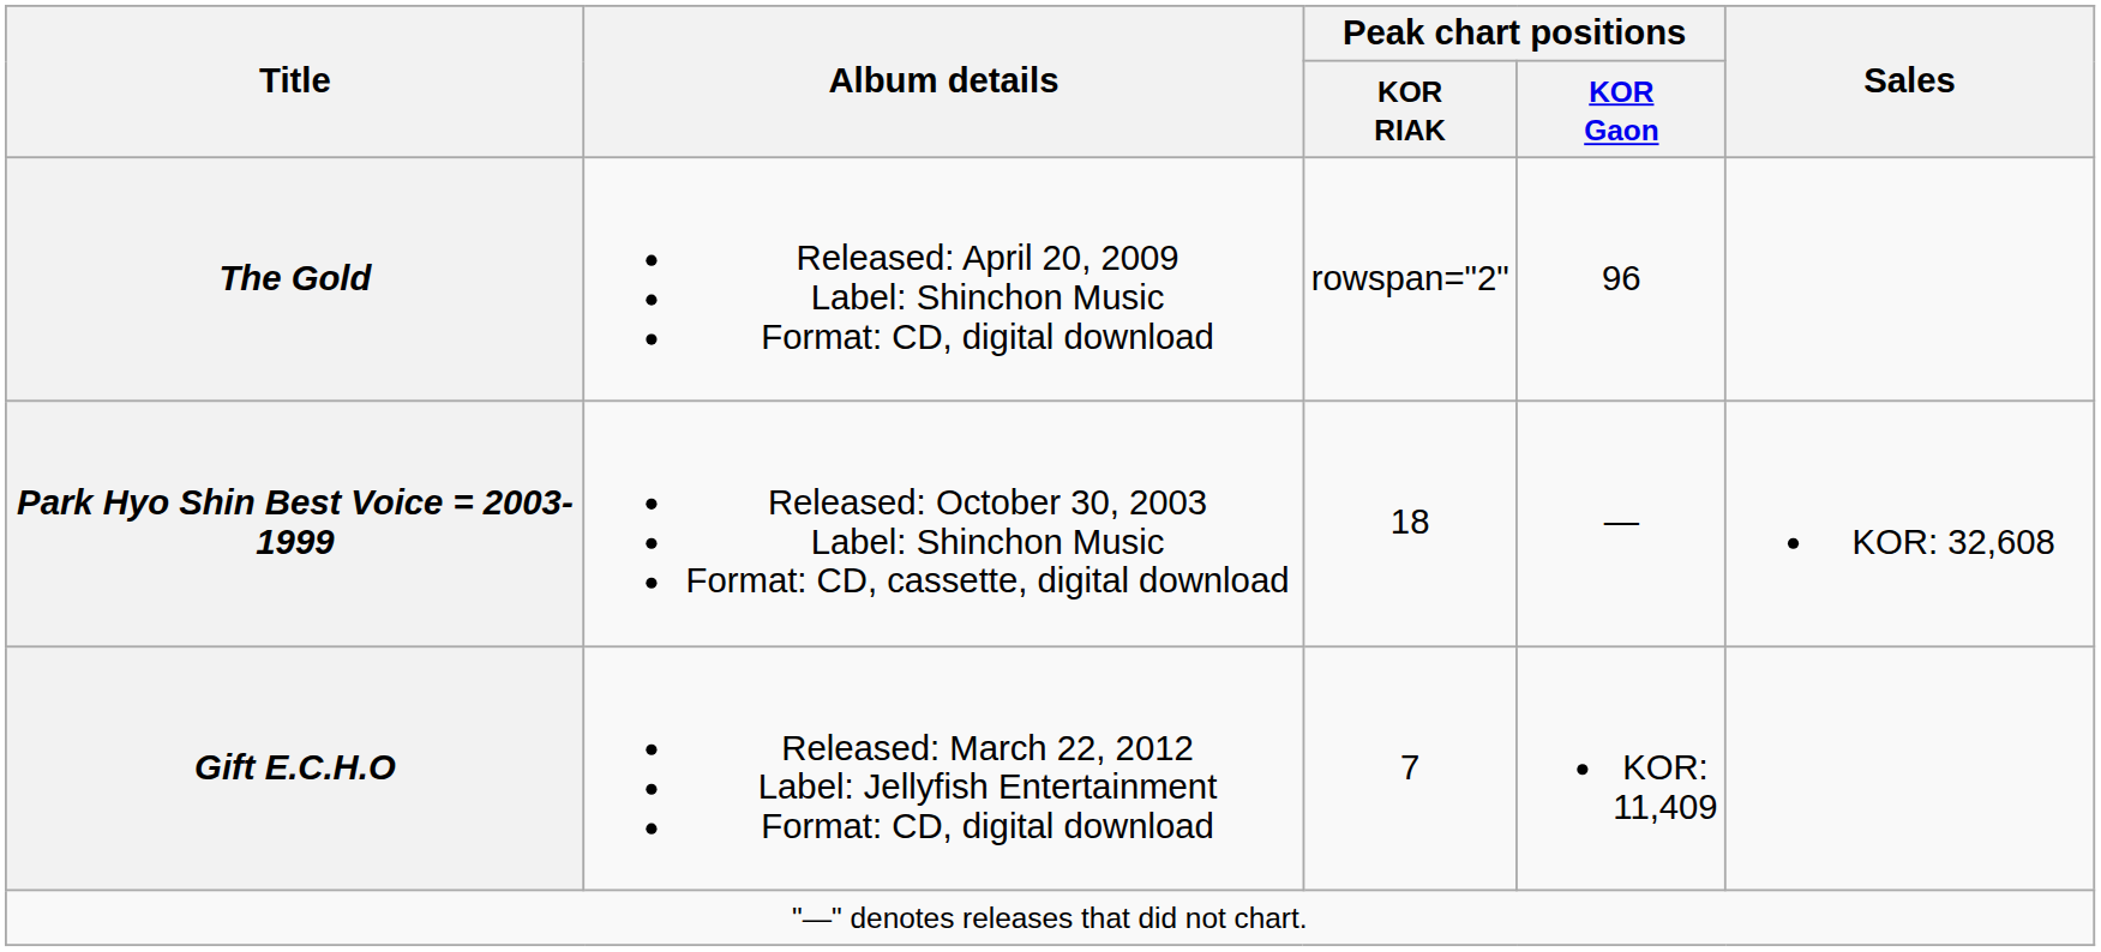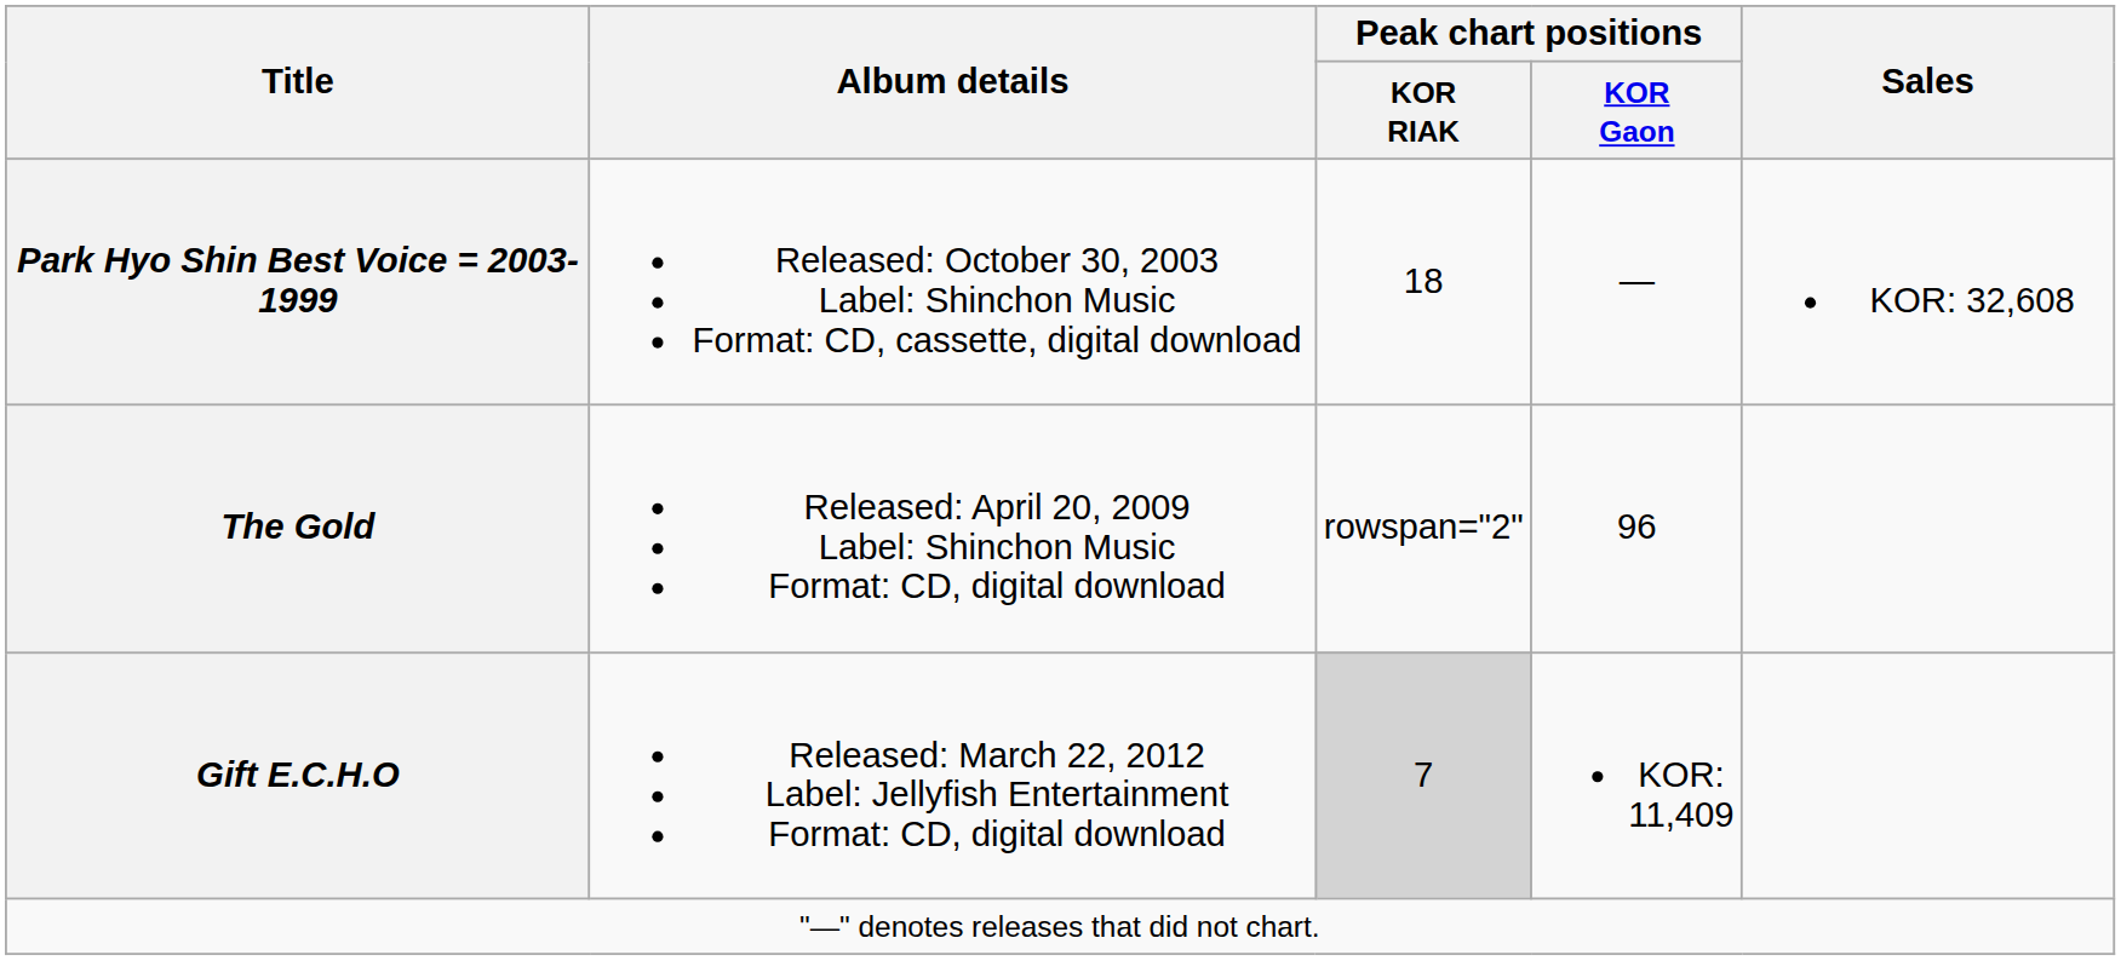 <table class="wikitable plainrowheaders" style="text-align:center;">
 <tr>
 <th scope="col" rowspan="2" style="width:16em;">Title</th>
 <th scope="col" rowspan="2" style="width:20em;">Album details</th>
 <th scope="col" colspan="2">Peak chart positions</th>
 <th scope="col" rowspan="2" style="width:10em;">Sales</th>
 </tr>
 <tr>
 <th style="width:3em;"><small>KOR<br>RIAK</small><br></th>
 <th style="width:3em;"><small><a href='#'>KOR<br>Gaon</a></small><br></th>
 </tr>
 <tr>
+<th scope="row"><em>Park Hyo Shin Best Voice = 2003-1999</em></th>
+<td><br><ul><li>Released: October 30, 2003</li><li>Label: Shinchon Music</li><li>Format: CD, cassette, digital download</li></ul></td>
+<td>18</td>
+<td>—</td>
+<td><br><ul><li>KOR: 32,608</li></ul></td>
+</tr>
+<tr>
 <th scope="row"><em>The Gold</em></th>
 <td><br><ul><li>Released: April 20, 2009</li><li>Label: Shinchon Music</li><li>Format: CD, digital download</li></ul></td>
 <td>rowspan="2" </td>
 <td>96</td>
 <td></td>
 </tr>
 <tr>
-<th scope="row"><em>Park Hyo Shin Best Voice = 2003-1999</em></th>
-<td><br><ul><li>Released: October 30, 2003</li><li>Label: Shinchon Music</li><li>Format: CD, cassette, digital download</li></ul></td>
-<td>18</td>
-<td>—</td>
-<td><br><ul><li>KOR: 32,608</li></ul></td>
-</tr>
-<tr>
 <th scope="row"><em>Gift E.C.H.O</em></th>
 <td><br><ul><li>Released: March 22, 2012</li><li>Label: Jellyfish Entertainment</li><li>Format: CD, digital download</li></ul></td>
-<td>7</td>
+<td style="background: lightgrey;">7</td>
 <td><br><ul><li>KOR: 11,409</li></ul></td>
 </tr>
 <tr>
 <td colspan="5"><small>"—" denotes releases that did not chart.</small></td>
 </tr>
 </table>
